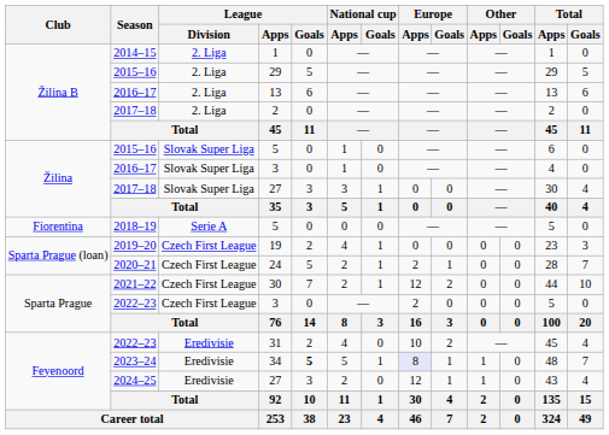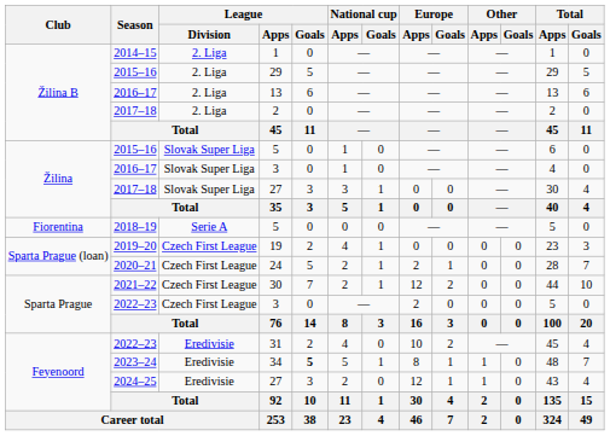 <table class="wikitable" style="text-align: center">
 <tr>
 <th rowspan="2">Club</th>
 <th rowspan="2">Season</th>
 <th colspan="3">League</th>
 <th colspan="2">National cup</th>
 <th colspan="2">Europe</th>
 <th colspan="2">Other</th>
 <th colspan="2">Total</th>
 </tr>
 <tr>
 <th>Division</th>
 <th>Apps</th>
 <th>Goals</th>
 <th>Apps</th>
 <th>Goals</th>
 <th>Apps</th>
 <th>Goals</th>
 <th>Apps</th>
 <th>Goals</th>
 <th>Apps</th>
 <th>Goals</th>
 </tr>
 <tr>
 <td rowspan="5"><a href='#'>Žilina B</a></td>
 <td><a href='#'>2014–15</a></td>
 <td><a href='#'>2. Liga</a></td>
 <td>1</td>
 <td>0</td>
 <td colspan="2">—</td>
 <td colspan="2">—</td>
 <td colspan="2">—</td>
 <td>1</td>
 <td>0</td>
 </tr>
 <tr>
 <td><a href='#'>2015–16</a></td>
 <td>2. Liga</td>
 <td>29</td>
 <td>5</td>
 <td colspan="2">—</td>
 <td colspan="2">—</td>
 <td colspan="2">—</td>
 <td>29</td>
 <td>5</td>
 </tr>
 <tr>
 <td><a href='#'>2016–17</a></td>
 <td>2. Liga</td>
 <td>13</td>
 <td>6</td>
 <td colspan="2">—</td>
 <td colspan="2">—</td>
 <td colspan="2">—</td>
 <td>13</td>
 <td>6</td>
 </tr>
 <tr>
 <td><a href='#'>2017–18</a></td>
 <td>2. Liga</td>
 <td>2</td>
 <td>0</td>
 <td colspan="2">—</td>
 <td colspan="2">—</td>
 <td colspan="2">—</td>
 <td>2</td>
 <td>0</td>
 </tr>
 <tr>
 <th colspan="2">Total</th>
 <th>45</th>
 <th>11</th>
 <th colspan="2">—</th>
 <th colspan="2">—</th>
 <th colspan="2">—</th>
 <th>45</th>
 <th>11</th>
 </tr>
 <tr>
 <td rowspan="4"><a href='#'>Žilina</a></td>
 <td><a href='#'>2015–16</a></td>
 <td><a href='#'>Slovak Super Liga</a></td>
 <td>5</td>
 <td>0</td>
 <td>1</td>
 <td>0</td>
 <td colspan="2">—</td>
 <td colspan="2">—</td>
 <td>6</td>
 <td>0</td>
 </tr>
 <tr>
 <td><a href='#'>2016–17</a></td>
 <td>Slovak Super Liga</td>
 <td>3</td>
 <td>0</td>
 <td>1</td>
 <td>0</td>
 <td colspan="2">—</td>
 <td colspan="2">—</td>
 <td>4</td>
 <td>0</td>
 </tr>
 <tr>
 <td><a href='#'>2017–18</a></td>
 <td>Slovak Super Liga</td>
 <td>27</td>
 <td>3</td>
 <td>3</td>
 <td>1</td>
 <td>0</td>
 <td>0</td>
 <td colspan="2">—</td>
 <td>30</td>
 <td>4</td>
 </tr>
 <tr>
 <th colspan="2">Total</th>
 <th>35</th>
 <th>3</th>
 <th>5</th>
 <th>1</th>
 <th>0</th>
 <th>0</th>
 <th colspan="2">—</th>
 <th>40</th>
 <th>4</th>
 </tr>
 <tr>
 <td><a href='#'>Fiorentina</a></td>
 <td><a href='#'>2018–19</a></td>
 <td><a href='#'>Serie A</a></td>
 <td>5</td>
 <td>0</td>
 <td>0</td>
 <td>0</td>
 <td colspan="2">—</td>
 <td colspan="2">—</td>
 <td>5</td>
 <td>0</td>
 </tr>
 <tr>
 <td rowspan="2"><a href='#'>Sparta Prague</a> (loan)</td>
 <td><a href='#'>2019–20</a></td>
 <td><a href='#'>Czech First League</a></td>
 <td>19</td>
 <td>2</td>
 <td>4</td>
 <td>1</td>
 <td>0</td>
 <td>0</td>
 <td>0</td>
 <td>0</td>
 <td>23</td>
 <td>3</td>
 </tr>
 <tr>
 <td><a href='#'>2020–21</a></td>
 <td>Czech First League</td>
 <td>24</td>
 <td>5</td>
 <td>2</td>
 <td>1</td>
 <td>2</td>
 <td>1</td>
 <td>0</td>
 <td>0</td>
 <td>28</td>
 <td>7</td>
 </tr>
 <tr>
 <td rowspan="3">Sparta Prague</td>
 <td><a href='#'>2021–22</a></td>
 <td>Czech First League</td>
 <td>30</td>
 <td>7</td>
 <td>2</td>
 <td>1</td>
 <td>12</td>
 <td>2</td>
 <td>0</td>
 <td>0</td>
 <td>44</td>
 <td>10</td>
 </tr>
 <tr>
 <td><a href='#'>2022–23</a></td>
 <td>Czech First League</td>
 <td>3</td>
 <td>0</td>
 <td colspan="2">—</td>
 <td>2</td>
 <td>0</td>
 <td>0</td>
 <td>0</td>
 <td>5</td>
 <td>0</td>
 </tr>
 <tr>
 <th colspan="2">Total</th>
 <th>76</th>
 <th>14</th>
 <th>8</th>
 <th>3</th>
 <th>16</th>
 <th>3</th>
 <th>0</th>
 <th>0</th>
 <th>100</th>
 <th>20</th>
 </tr>
 <tr>
 <td rowspan="4"><a href='#'>Feyenoord</a></td>
 <td><a href='#'>2022–23</a></td>
 <td><a href='#'>Eredivisie</a></td>
 <td>31</td>
 <td>2</td>
 <td>4</td>
 <td>0</td>
 <td>10</td>
 <td>2</td>
 <td colspan="2">—</td>
 <td>45</td>
 <td>4</td>
 </tr>
 <tr>
 <td><a href='#'>2023–24</a></td>
 <td>Eredivisie</td>
 <td>34</td>
 <td><strong>5</strong></td>
 <td>5</td>
 <td>1</td>
-<td style="background: lavender;">8</td>
+<td>8</td>
 <td>1</td>
 <td>1</td>
 <td>0</td>
 <td>48</td>
 <td>7</td>
 </tr>
 <tr>
 <td><a href='#'>2024–25</a></td>
 <td>Eredivisie</td>
 <td>27</td>
 <td>3</td>
 <td>2</td>
 <td>0</td>
 <td>12</td>
 <td>1</td>
 <td>1</td>
 <td>0</td>
 <td>43</td>
 <td>4</td>
 </tr>
 <tr>
 <th colspan="2">Total</th>
 <th>92</th>
 <th>10</th>
 <th>11</th>
 <th>1</th>
 <th>30</th>
 <th>4</th>
 <th>2</th>
 <th>0</th>
 <th>135</th>
 <th>15</th>
 </tr>
 <tr>
 <th colspan="3">Career total</th>
 <th>253</th>
 <th>38</th>
 <th>23</th>
 <th>4</th>
 <th>46</th>
 <th>7</th>
 <th>2</th>
 <th>0</th>
 <th>324</th>
 <th>49</th>
 </tr>
 </table>
